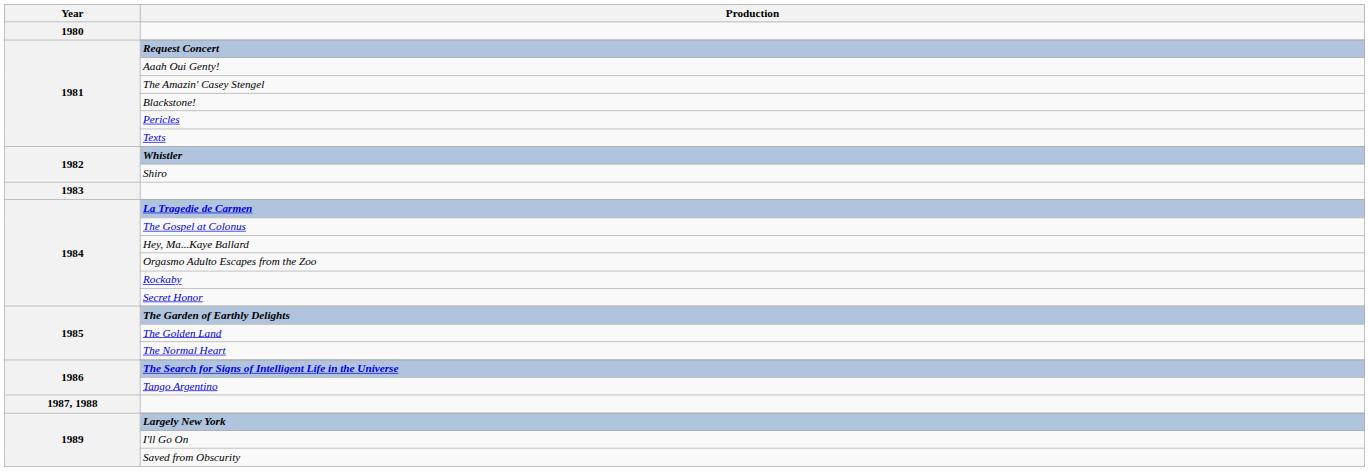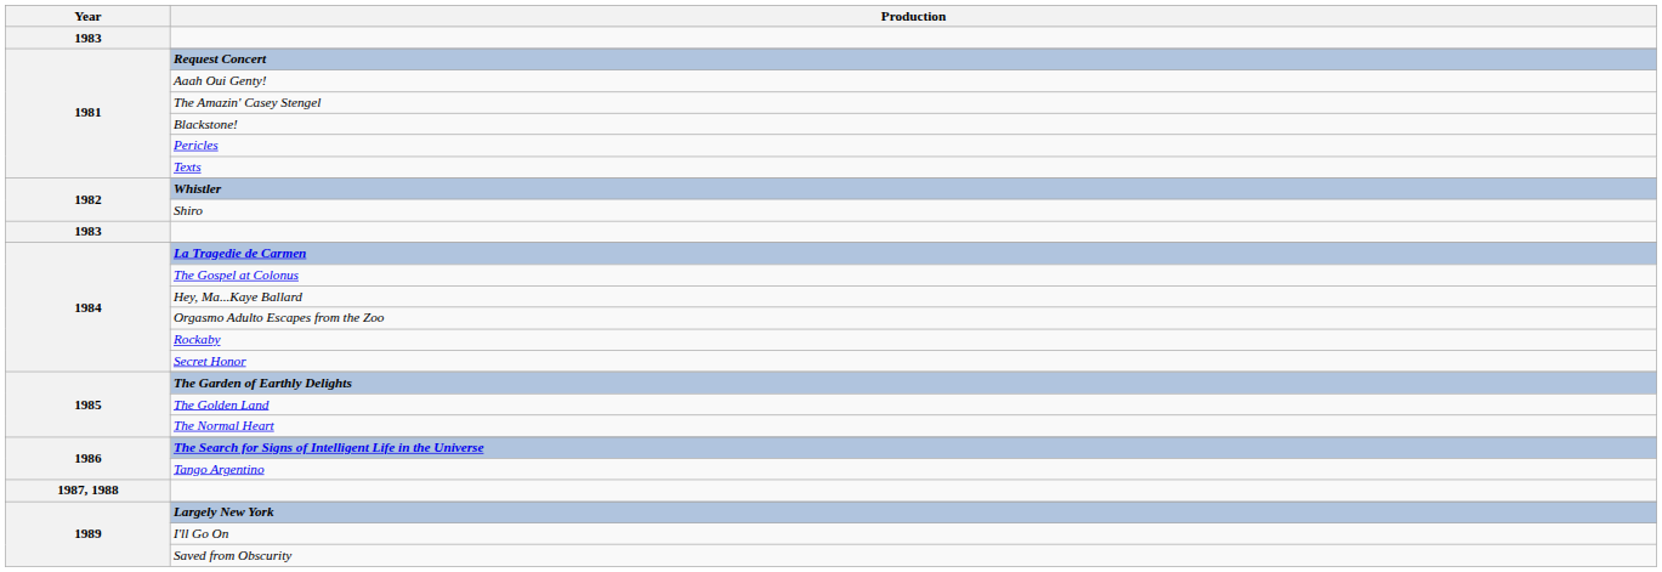 <table class="wikitable" style="width:98%;">
 <tr style="background:#bebebe;">
 <th style="width:10%;">Year</th>
 <th style="width:90%;">Production</th>
 </tr>
 <tr>
-<th>1980</th>
+<th>1983</th>
 <td></td>
 </tr>
 <tr>
 <th rowspan="7">1981</th>
 </tr>
 <tr style="background:#B0C4DE">
 <td><strong><em>Request Concert</em></strong></td>
 </tr>
 <tr>
 <td><em>Aaah Oui Genty!</em></td>
 </tr>
 <tr>
 <td><em>The Amazin' Casey Stengel</em></td>
 </tr>
 <tr>
 <td><em>Blackstone!</em></td>
 </tr>
 <tr>
 <td><em><a href='#'>Pericles</a></em></td>
 </tr>
 <tr>
 <td><em><a href='#'>Texts</a></em></td>
 </tr>
 <tr>
 <th rowspan="3">1982</th>
 </tr>
 <tr style="background:#B0C4DE">
 <td><strong><em>Whistler</em></strong></td>
 </tr>
 <tr>
 <td><em>Shiro</em></td>
 </tr>
 <tr>
 <th>1983</th>
 <td></td>
 </tr>
 <tr>
 <th rowspan="7">1984</th>
 </tr>
 <tr style="background:#B0C4DE">
 <td><strong><em><a href='#'>La Tragedie de Carmen</a></em></strong></td>
 </tr>
 <tr>
 <td><em><a href='#'>The Gospel at Colonus</a></em></td>
 </tr>
 <tr>
 <td><em>Hey, Ma...Kaye Ballard</em></td>
 </tr>
 <tr>
 <td><em>Orgasmo Adulto Escapes from the Zoo</em></td>
 </tr>
 <tr>
 <td><em><a href='#'>Rockaby</a></em></td>
 </tr>
 <tr>
 <td><em><a href='#'>Secret Honor</a></em></td>
 </tr>
 <tr>
 <th rowspan="4">1985</th>
 </tr>
 <tr style="background:#B0C4DE">
 <td><strong><em>The Garden of Earthly Delights</em></strong></td>
 </tr>
 <tr>
 <td><em><a href='#'>The Golden Land</a></em></td>
 </tr>
 <tr>
 <td><em><a href='#'>The Normal Heart</a></em></td>
 </tr>
 <tr>
 <th rowspan="3">1986</th>
 </tr>
 <tr style="background:#B0C4DE">
 <td><strong><em><a href='#'>The Search for Signs of Intelligent Life in the Universe</a></em></strong></td>
 </tr>
 <tr>
 <td><em><a href='#'>Tango Argentino</a></em></td>
 </tr>
 <tr>
 <th>1987, 1988</th>
 <td></td>
 </tr>
 <tr>
 <th rowspan="4">1989</th>
 </tr>
 <tr style="background:#B0C4DE">
 <td><strong><em>Largely New York</em></strong></td>
 </tr>
 <tr>
 <td><em>I'll Go On</em></td>
 </tr>
 <tr>
 <td><em>Saved from Obscurity</em></td>
 </tr>
 </table>
